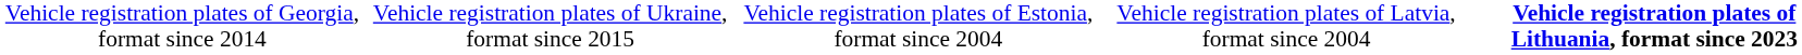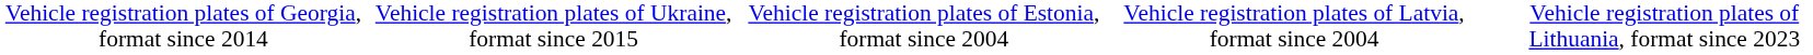 <table class="graytable" style="text-align:center">
 <tr>
 <td width="11%"></td>
 <td width="11%"></td>
 <td width="11%"></td>
 <td width="11%"></td>
 <td width="11%"></td>
 </tr>
 <tr>
 <td><a href='#'>Vehicle registration plates of Georgia</a>, format since 2014</td>
 <td><a href='#'>Vehicle registration plates of Ukraine</a>, format since 2015</td>
 <td><a href='#'>Vehicle registration plates of Estonia</a>, format since 2004</td>
 <td><a href='#'>Vehicle registration plates of Latvia</a>, format since 2004</td>
-<td><strong><a href='#'>Vehicle registration plates of Lithuania</a>, format since 2023</strong></td>
+<td><a href='#'>Vehicle registration plates of Lithuania</a>, format since 2023</td>
 </tr>
 </table>
